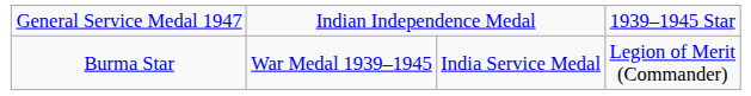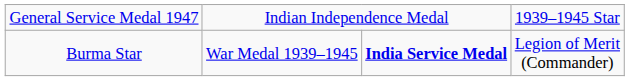 <table class="wikitable" style="margin:1em auto; text-align:center;">
 <tr>
 <td><a href='#'>General Service Medal 1947</a></td>
 <td colspan="2"><a href='#'>Indian Independence Medal</a></td>
 <td><a href='#'>1939–1945 Star</a></td>
 </tr>
 <tr>
 <td><a href='#'>Burma Star</a></td>
 <td><a href='#'>War Medal 1939–1945</a></td>
-<td><a href='#'>India Service Medal</a></td>
+<td><strong><a href='#'>India Service Medal</a></strong></td>
 <td><a href='#'>Legion of Merit</a><br>(Commander)</td>
 </tr>
 </table>
